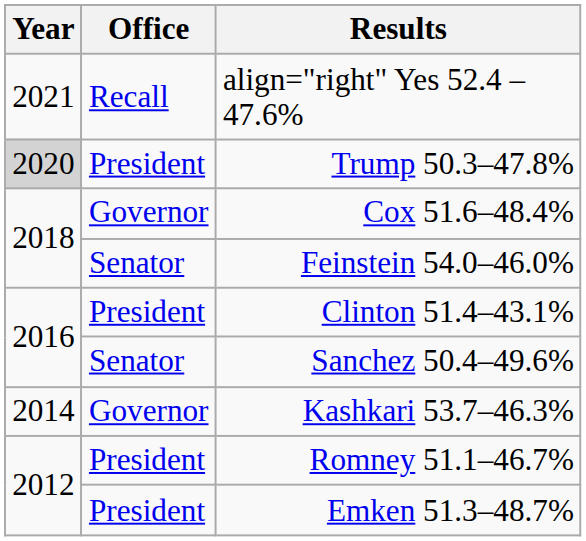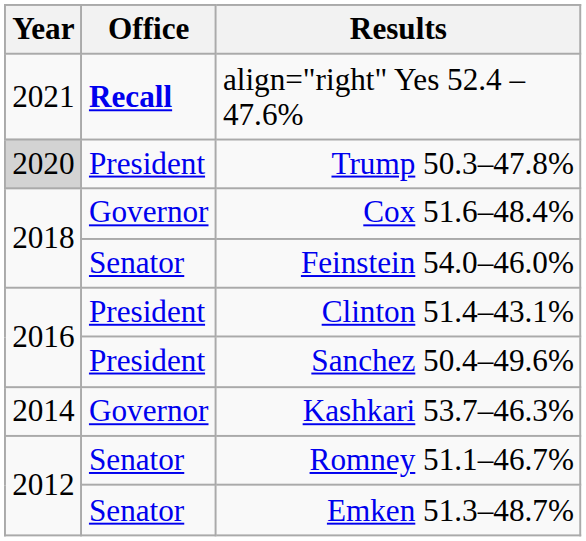 <table class=wikitable>
 <tr>
 <th width="30">Year</th>
 <th width="60">Office</th>
 <th width="180">Results</th>
 </tr>
 <tr>
 <td>2021</td>
-<td><a href='#'>Recall</a></td>
+<td><strong><a href='#'>Recall</a></strong></td>
 <td>align="right"  Yes 52.4 – 47.6%</td>
 </tr>
 <tr>
 <td rowspan="1" style="background: lightgrey;">2020</td>
 <td><a href='#'>President</a></td>
 <td align="right" ><a href='#'>Trump</a> 50.3–47.8%</td>
 </tr>
 <tr>
 <td rowspan="2">2018</td>
 <td><a href='#'>Governor</a></td>
 <td align="right" ><a href='#'>Cox</a> 51.6–48.4%</td>
 </tr>
 <tr>
 <td><a href='#'>Senator</a></td>
 <td align="right" ><a href='#'>Feinstein</a> 54.0–46.0%</td>
 </tr>
 <tr>
 <td rowspan="2">2016</td>
 <td><a href='#'>President</a></td>
 <td align="right" ><a href='#'>Clinton</a> 51.4–43.1%</td>
 </tr>
 <tr>
-<td><a href='#'>Senator</a></td>
+<td><a href='#'>President</a></td>
 <td align="right" ><a href='#'>Sanchez</a> 50.4–49.6%</td>
 </tr>
 <tr>
 <td>2014</td>
 <td><a href='#'>Governor</a></td>
 <td align="right" ><a href='#'>Kashkari</a> 53.7–46.3%</td>
 </tr>
 <tr>
 <td rowspan="2">2012</td>
-<td><a href='#'>President</a></td>
+<td><a href='#'>Senator</a></td>
 <td align="right" ><a href='#'>Romney</a> 51.1–46.7%</td>
 </tr>
 <tr>
-<td><a href='#'>President</a></td>
+<td><a href='#'>Senator</a></td>
 <td align="right" ><a href='#'>Emken</a> 51.3–48.7%</td>
 </tr>
 </table>
